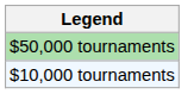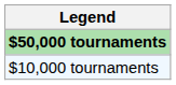 <table class="wikitable" style="font-size:85%">
 <tr>
 <th>Legend</th>
 </tr>
 <tr bgcolor="#ADDFAD">
-<td>$50,000 tournaments</td>
+<td><strong>$50,000 tournaments</strong></td>
 </tr>
 <tr style="background:#f0f8ff;">
 <td>$10,000 tournaments</td>
 </tr>
 </table>
